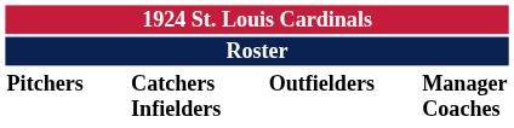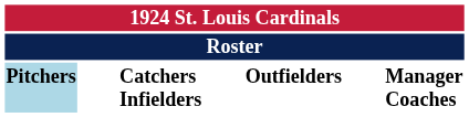 <table class="toccolours" style="font-size: 95%;">
 <tr>
 <th colspan="10" style="background-color: #c41c3a; color: white; text-align: center;">1924 St. Louis Cardinals</th>
 </tr>
 <tr>
 <td colspan="10" style="background-color: #0a2252; color: white; text-align: center;"><strong>Roster</strong></td>
 </tr>
 <tr>
-<td valign="top"><strong>Pitchers</strong><br>                </td>
+<td valign="top" style="background: lightblue;"><strong>Pitchers</strong><br>                </td>
 <td width="25px"></td>
 <td valign="top"><strong>Catchers</strong><br>     <strong>Infielders</strong>        </td>
 <td width="25px"></td>
 <td valign="top"><strong>Outfielders</strong><br>          </td>
 <td width="25px"></td>
 <td valign="top"><strong>Manager</strong><br> <strong>Coaches</strong>   </td>
 </tr>
 </table>
